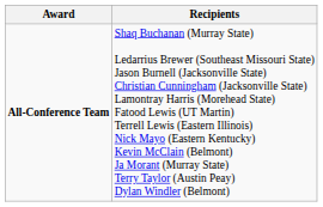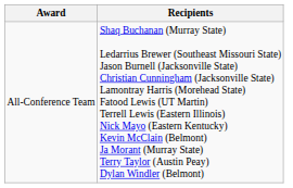 <table class="wikitable" style="white-space:nowrap; font-size:90%;">
 <tr>
 <th>Award</th>
 <th>Recipients</th>
 </tr>
 <tr>
-<td><strong>All-Conference Team</strong></td>
+<td>All-Conference Team</td>
 <td><a href='#'>Shaq Buchanan</a> (Murray State)<br><br>Ledarrius Brewer (Southeast Missouri State)<br> Jason Burnell (Jacksonville State)<br> <a href='#'>Christian Cunningham</a> (Jacksonville State)<br> Lamontray Harris (Morehead State)<br> Fatood Lewis (UT Martin)<br> Terrell Lewis (Eastern Illinois)<br> <a href='#'>Nick Mayo</a> (Eastern Kentucky)<br> <a href='#'>Kevin McClain</a> (Belmont)<br> <a href='#'>Ja Morant</a> (Murray State)<br> <a href='#'>Terry Taylor</a> (Austin Peay)<br> <a href='#'>Dylan Windler</a> (Belmont)</td>
 </tr>
 </table>
